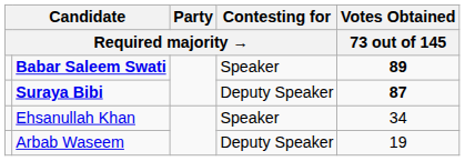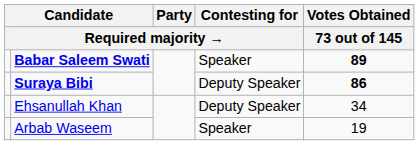 <table class="wikitable">
 <tr>
 <th colspan=2>Candidate</th>
 <th>Party</th>
 <th>Contesting for</th>
 <th>Votes Obtained</th>
 </tr>
 <tr>
 <th colspan=4>Required majority →</th>
 <th>73 out of 145</th>
 </tr>
 <tr>
 <td style="color:inherit;background:"></td>
 <td><strong><a href='#'>Babar Saleem Swati</a></strong></td>
 <td rowspan=2><strong></strong></td>
 <td>Speaker</td>
 <td style="text-align:center;"><strong>89</strong> </td>
 </tr>
 <tr>
 <td style="color:inherit;background:"></td>
 <td><strong><a href='#'>Suraya Bibi</a></strong></td>
 <td>Deputy Speaker</td>
-<td style="text-align:center;"><strong>87</strong> </td>
+<td style="text-align:center;"><strong>86</strong> </td>
 </tr>
 <tr>
 <td style="color:inherit;background:"></td>
 <td><a href='#'>Ehsanullah Khan</a></td>
 <td rowspan=2><br></td>
-<td>Speaker</td>
+<td>Deputy Speaker</td>
 <td style="text-align:center;">34 </td>
 </tr>
 <tr>
 <td style="color:inherit;background:"></td>
 <td><a href='#'>Arbab Waseem</a></td>
-<td>Deputy Speaker</td>
+<td>Speaker</td>
 <td style="text-align:center;">19 </td>
 </tr>
 </table>
